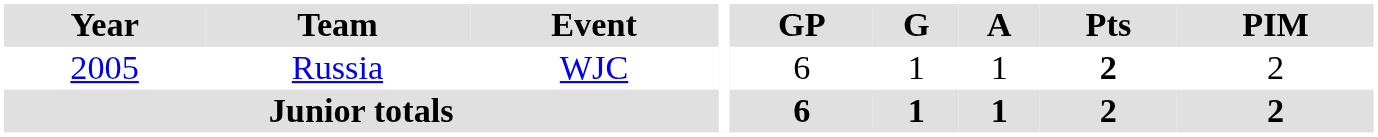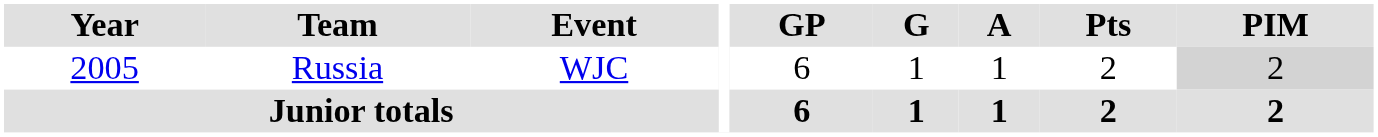 <table border="0" cellpadding="1" cellspacing="0" ID="Table3" style="text-align:center; width:40em">
 <tr bgcolor="#e0e0e0">
 <th>Year</th>
 <th>Team</th>
 <th>Event</th>
 <th rowspan="102" bgcolor="#ffffff"></th>
 <th>GP</th>
 <th>G</th>
 <th>A</th>
 <th>Pts</th>
 <th>PIM</th>
 </tr>
 <tr>
 <td><a href='#'>2005</a></td>
 <td><a href='#'>Russia</a></td>
 <td><a href='#'>WJC</a></td>
 <td>6</td>
 <td>1</td>
 <td>1</td>
-<td><strong>2</strong></td>
 <td>2</td>
+<td style="background: lightgrey;">2</td>
 </tr>
 <tr bgcolor="#e0e0e0">
 <th colspan="3">Junior totals</th>
 <th>6</th>
 <th>1</th>
 <th>1</th>
 <th>2</th>
 <th>2</th>
 </tr>
 </table>
